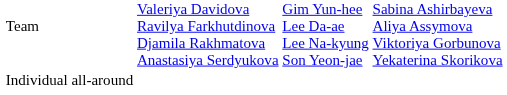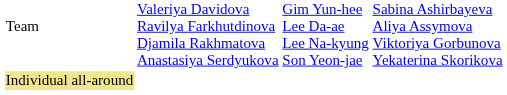 <table>
 <tr>
 <td>Team<br></td>
 <td><br><a href='#'>Valeriya Davidova</a><br><a href='#'>Ravilya Farkhutdinova</a><br><a href='#'>Djamila Rakhmatova</a><br><a href='#'>Anastasiya Serdyukova</a></td>
 <td><br><a href='#'>Gim Yun-hee</a><br><a href='#'>Lee Da-ae</a><br><a href='#'>Lee Na-kyung</a><br><a href='#'>Son Yeon-jae</a></td>
 <td><br><a href='#'>Sabina Ashirbayeva</a><br><a href='#'>Aliya Assymova</a><br><a href='#'>Viktoriya Gorbunova</a><br><a href='#'>Yekaterina Skorikova</a></td>
 </tr>
 <tr>
-<td>Individual all-around<br></td>
+<td style="background: khaki;">Individual all-around<br></td>
 <td></td>
 <td></td>
 <td></td>
 </tr>
 </table>
